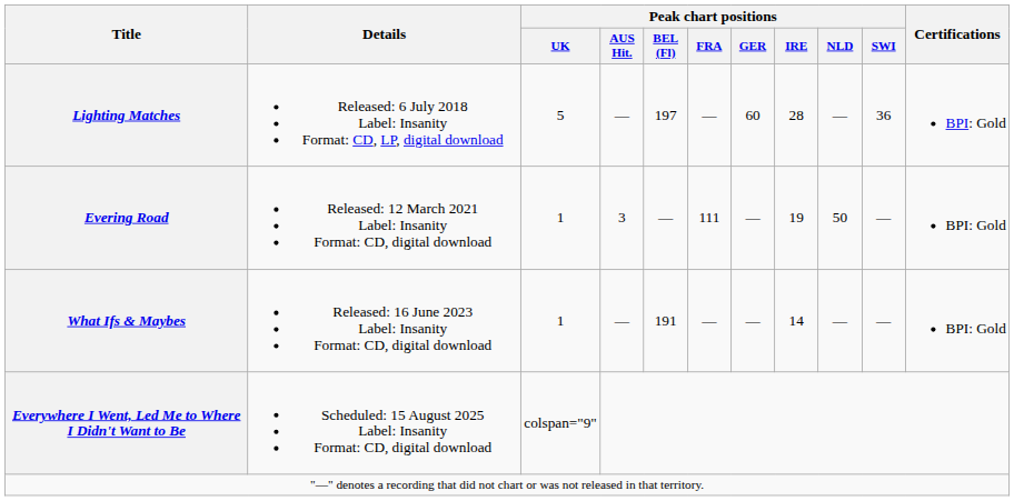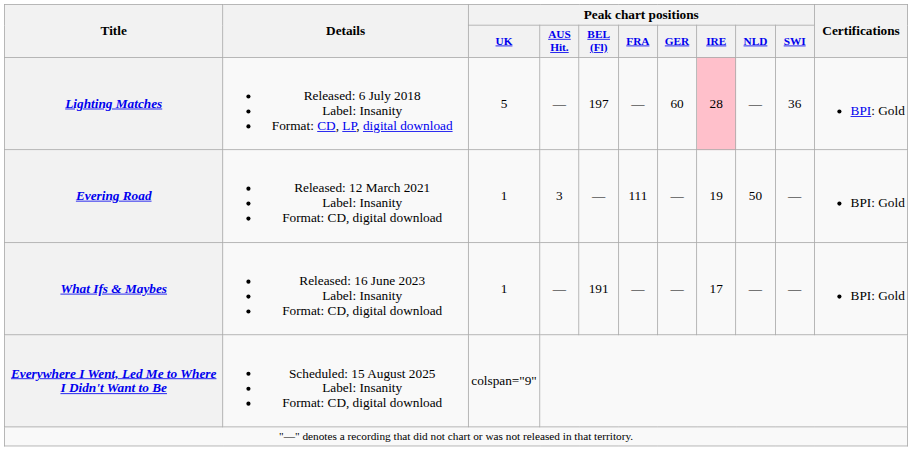 <table class="wikitable plainrowheaders" style="text-align:center;">
 <tr>
 <th scope="col" rowspan="2" style="width:16em;">Title</th>
 <th scope="col" rowspan="2" style="width:18em;">Details</th>
 <th scope="col" colspan="8">Peak chart positions</th>
 <th scope="col" rowspan="2">Certifications</th>
 </tr>
 <tr>
 <th scope="col" style="width:3em;font-size:85%;"><a href='#'>UK</a><br></th>
 <th scope="col" style="width:3em;font-size:85%;"><a href='#'>AUS<br>Hit.</a><br></th>
 <th scope="col" style="width:3em;font-size:85%;"><a href='#'>BEL<br>(Fl)</a><br></th>
 <th scope="col" style="width:3em;font-size:85%;"><a href='#'>FRA</a><br></th>
 <th scope="col" style="width:3em;font-size:85%;"><a href='#'>GER</a><br></th>
 <th scope="col" style="width:3em;font-size:85%;"><a href='#'>IRE</a><br></th>
 <th scope="col" style="width:3em;font-size:85%;"><a href='#'>NLD</a><br></th>
 <th scope="col" style="width:3em;font-size:85%;"><a href='#'>SWI</a><br></th>
 </tr>
 <tr>
 <th scope="row"><em><a href='#'>Lighting Matches</a></em></th>
 <td><br><ul><li>Released: 6 July 2018</li><li>Label: Insanity</li><li>Format: <a href='#'>CD</a>, <a href='#'>LP</a>, <a href='#'>digital download</a></li></ul></td>
 <td>5</td>
 <td>—</td>
 <td>197</td>
 <td>—</td>
 <td>60</td>
-<td>28</td>
+<td style="background: pink;">28</td>
 <td>—</td>
 <td>36</td>
 <td><br><ul><li><a href='#'>BPI</a>: Gold</li></ul></td>
 </tr>
 <tr>
 <th scope="row"><em><a href='#'>Evering Road</a></em></th>
 <td><br><ul><li>Released: 12 March 2021</li><li>Label: Insanity</li><li>Format: CD, digital download</li></ul></td>
 <td>1</td>
 <td>3</td>
 <td>—</td>
 <td>111</td>
 <td>—</td>
 <td>19</td>
 <td>50</td>
 <td>—</td>
 <td><br><ul><li>BPI: Gold</li></ul></td>
 </tr>
 <tr>
 <th scope="row"><em><a href='#'>What Ifs & Maybes</a></em></th>
 <td><br><ul><li>Released: 16 June 2023</li><li>Label: Insanity</li><li>Format: CD, digital download</li></ul></td>
 <td>1</td>
 <td>—</td>
 <td>191</td>
 <td>—</td>
 <td>—</td>
-<td>14</td>
+<td>17</td>
 <td>—</td>
 <td>—</td>
 <td><br><ul><li>BPI: Gold</li></ul></td>
 </tr>
 <tr>
 <th scope="row"><em><a href='#'>Everywhere I Went, Led Me to Where I Didn't Want to Be</a></em></th>
 <td><br><ul><li>Scheduled: 15 August 2025</li><li>Label: Insanity</li><li>Format: CD, digital download</li></ul></td>
 <td>colspan="9" </td>
 </tr>
 <tr>
 <td colspan="20" style="font-size:85%">"—" denotes a recording that did not chart or was not released in that territory.</td>
 </tr>
 </table>
